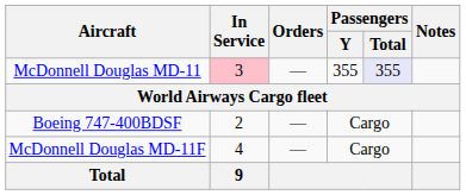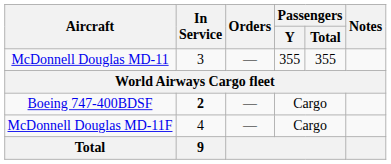 <table class="wikitable" style="margin:0.5em auto;text-align:center">
 <tr>
 <th rowspan=2>Aircraft</th>
 <th rowspan=2 style="width:15px;">In<br>Service</th>
 <th rowspan=2 style="width:15px;">Orders</th>
 <th colspan=2>Passengers</th>
 <th rowspan=2>Notes</th>
 </tr>
 <tr>
 <th style="width:25px;"><abbr>Y</abbr></th>
 <th style="width:25px;">Total</th>
 </tr>
 <tr>
 <td><a href='#'>McDonnell Douglas MD-11</a></td>
-<td style="background: pink;">3</td>
+<td>3</td>
 <td>—</td>
 <td>355</td>
-<td style="background: lavender;">355</td>
+<td>355</td>
 <td></td>
 </tr>
 <tr>
 <th colspan=6>World Airways Cargo fleet</th>
 </tr>
 <tr>
 <td><a href='#'>Boeing 747-400BDSF</a></td>
-<td>2</td>
+<td><strong>2</strong></td>
 <td>—</td>
 <td colspan="2" style="text-align:center;"><abbr>Cargo</abbr></td>
 <td></td>
 </tr>
 <tr>
 <td><a href='#'>McDonnell Douglas MD-11F</a></td>
 <td>4</td>
 <td>—</td>
 <td colspan="2" style="text-align:center;"><abbr>Cargo</abbr></td>
 <td></td>
 </tr>
 <tr>
 <th>Total</th>
 <th>9</th>
 <th colspan=3></th>
 <th></th>
 </tr>
 </table>
